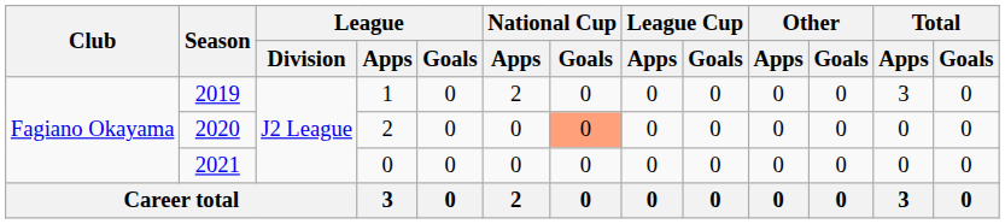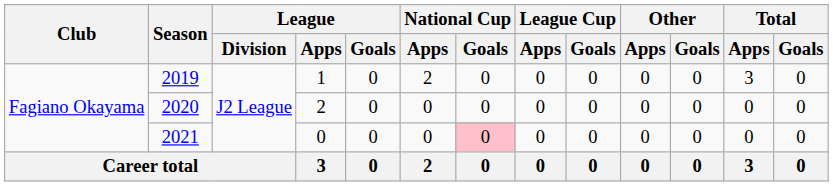 <table class="wikitable" style="text-align: center">
 <tr>
 <th rowspan="2">Club</th>
 <th rowspan="2">Season</th>
 <th colspan="3">League</th>
 <th colspan="2">National Cup</th>
 <th colspan="2">League Cup</th>
 <th colspan="2">Other</th>
 <th colspan="2">Total</th>
 </tr>
 <tr>
 <th>Division</th>
 <th>Apps</th>
 <th>Goals</th>
 <th>Apps</th>
 <th>Goals</th>
 <th>Apps</th>
 <th>Goals</th>
 <th>Apps</th>
 <th>Goals</th>
 <th>Apps</th>
 <th>Goals</th>
 </tr>
 <tr>
 <td rowspan="3"><a href='#'>Fagiano Okayama</a></td>
 <td><a href='#'>2019</a></td>
 <td rowspan="3"><a href='#'>J2 League</a></td>
 <td>1</td>
 <td>0</td>
 <td>2</td>
 <td>0</td>
 <td>0</td>
 <td>0</td>
 <td>0</td>
 <td>0</td>
 <td>3</td>
 <td>0</td>
 </tr>
 <tr>
 <td><a href='#'>2020</a></td>
 <td>2</td>
 <td>0</td>
 <td>0</td>
-<td style="background: lightsalmon;">0</td>
+<td>0</td>
 <td>0</td>
 <td>0</td>
 <td>0</td>
 <td>0</td>
 <td>0</td>
 <td>0</td>
 </tr>
 <tr>
 <td><a href='#'>2021</a></td>
 <td>0</td>
 <td>0</td>
 <td>0</td>
-<td>0</td>
+<td style="background: pink;">0</td>
 <td>0</td>
 <td>0</td>
 <td>0</td>
 <td>0</td>
 <td>0</td>
 <td>0</td>
 </tr>
 <tr>
 <th colspan=3>Career total</th>
 <th>3</th>
 <th>0</th>
 <th>2</th>
 <th>0</th>
 <th>0</th>
 <th>0</th>
 <th>0</th>
 <th>0</th>
 <th>3</th>
 <th>0</th>
 </tr>
 </table>
